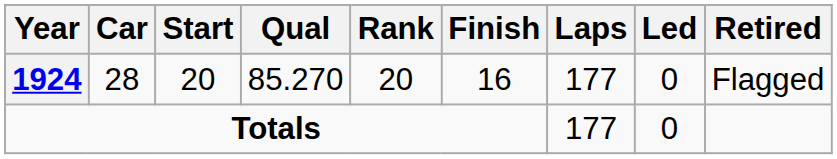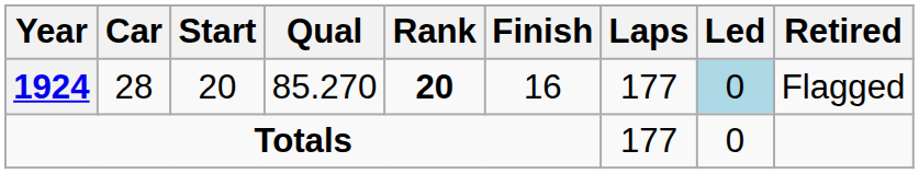 <table class="wikitable" style="text-align:center">
 <tr>
 <th>Year</th>
 <th>Car</th>
 <th>Start</th>
 <th>Qual</th>
 <th>Rank</th>
 <th>Finish</th>
 <th>Laps</th>
 <th>Led</th>
 <th>Retired</th>
 </tr>
 <tr>
 <th><a href='#'>1924</a></th>
 <td>28</td>
 <td>20</td>
 <td>85.270</td>
-<td>20</td>
+<td><strong>20</strong></td>
 <td>16</td>
 <td>177</td>
-<td>0</td>
+<td style="background: lightblue;">0</td>
 <td>Flagged</td>
 </tr>
 <tr>
 <td colspan=6><strong>Totals</strong></td>
 <td>177</td>
 <td>0</td>
 <td></td>
 </tr>
 </table>
